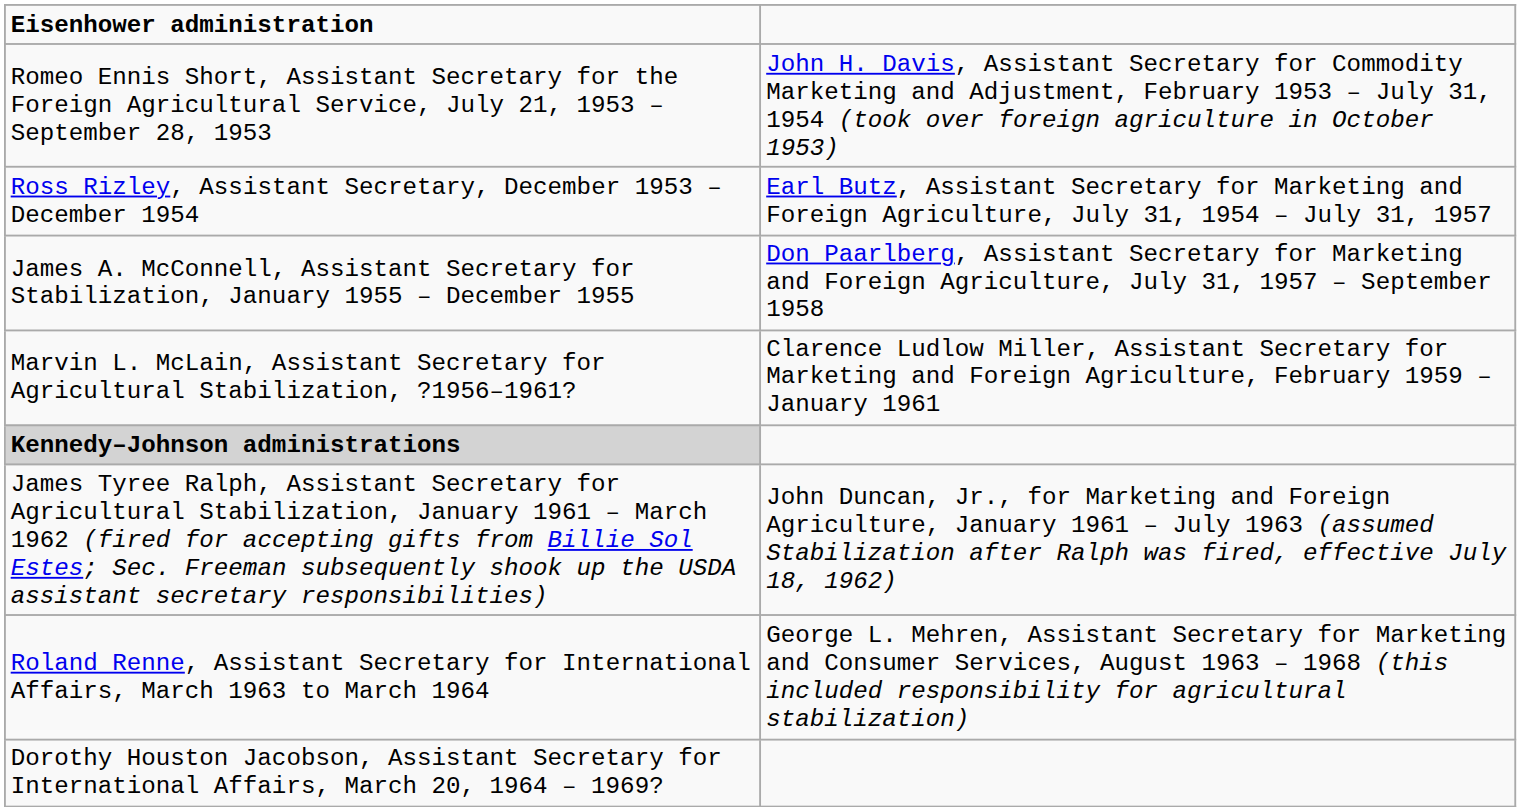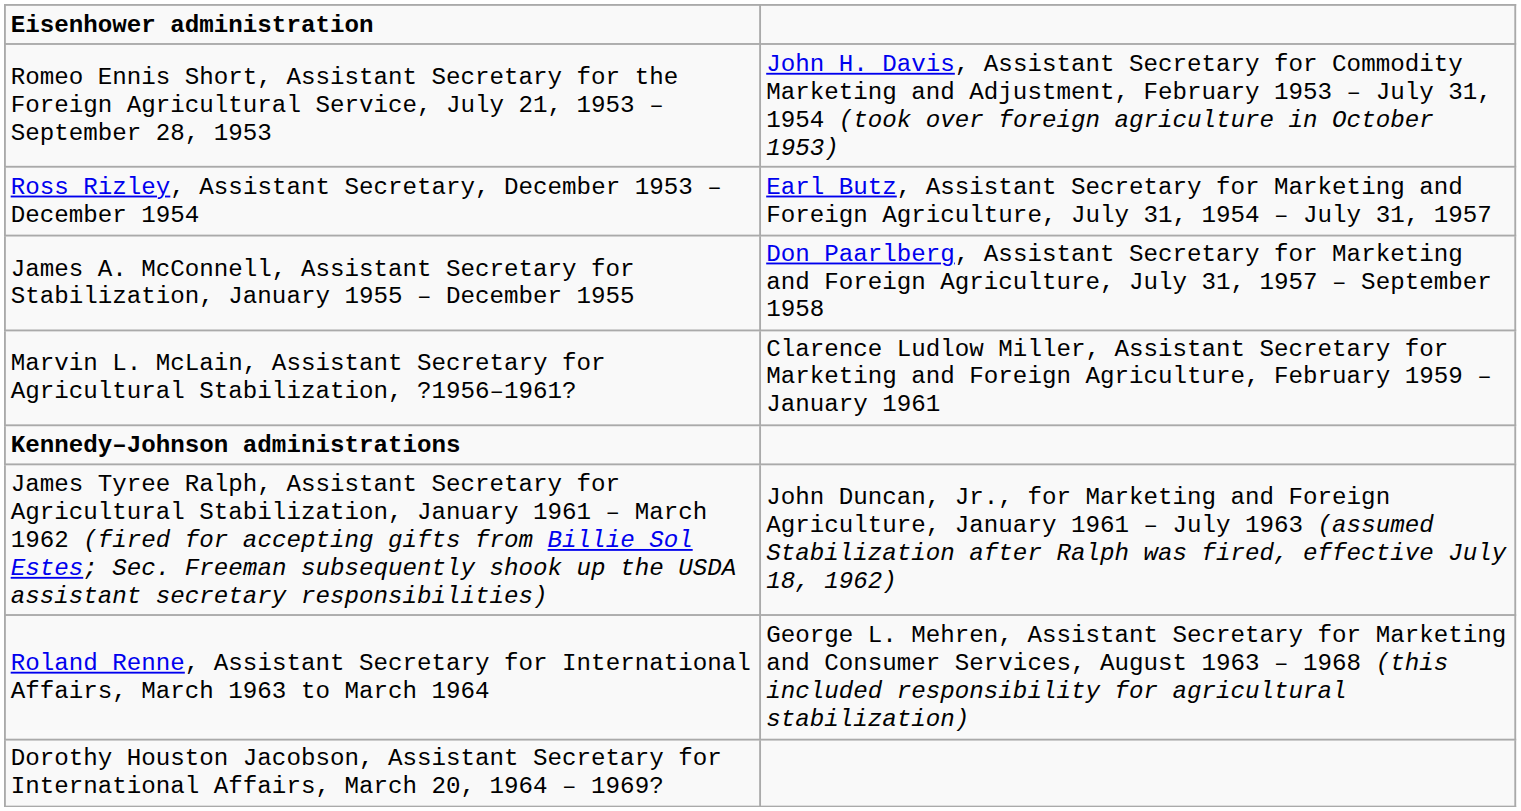 <table class="wikitable">
 <tr>
 <td><strong>Eisenhower administration</strong></td>
 <td></td>
 </tr>
 <tr>
 <td width="400pt">Romeo Ennis Short, Assistant Secretary for the Foreign Agricultural Service, July 21, 1953 – September 28, 1953</td>
 <td width="400pt"><a href='#'>John H. Davis</a>, Assistant Secretary for Commodity Marketing and Adjustment, February 1953 – July 31, 1954 <em>(took over foreign agriculture in October 1953)</em></td>
 </tr>
 <tr>
 <td><a href='#'>Ross Rizley</a>, Assistant Secretary, December 1953 – December 1954</td>
 <td><a href='#'>Earl Butz</a>, Assistant Secretary for Marketing and Foreign Agriculture, July 31, 1954 – July 31, 1957</td>
 </tr>
 <tr>
 <td>James A. McConnell, Assistant Secretary for Stabilization, January 1955 – December 1955</td>
 <td><a href='#'>Don Paarlberg</a>, Assistant Secretary for Marketing and Foreign Agriculture, July 31, 1957 – September 1958</td>
 </tr>
 <tr>
 <td>Marvin L. McLain, Assistant Secretary for Agricultural Stabilization, ?1956–1961?</td>
 <td>Clarence Ludlow Miller, Assistant Secretary for Marketing and Foreign Agriculture, February 1959 – January 1961</td>
 </tr>
 <tr>
-<td style="background: lightgrey;"><strong>Kennedy–Johnson administrations</strong></td>
+<td><strong>Kennedy–Johnson administrations</strong></td>
 </tr>
 <tr>
 <td>James Tyree Ralph, Assistant Secretary for Agricultural Stabilization, January 1961 – March 1962 <em>(fired for accepting gifts from <a href='#'>Billie Sol Estes</a>; Sec. Freeman subsequently shook up the USDA assistant secretary responsibilities)</em></td>
 <td>John Duncan, Jr., for Marketing and Foreign Agriculture, January 1961 – July 1963 <em>(assumed Stabilization after Ralph was fired, effective July 18, 1962)</em></td>
 </tr>
 <tr>
 <td><a href='#'>Roland Renne</a>, Assistant Secretary for International Affairs, March 1963 to March 1964</td>
 <td>George L. Mehren, Assistant Secretary for Marketing and Consumer Services, August 1963 – 1968 <em>(this included responsibility for agricultural stabilization)</em></td>
 </tr>
 <tr>
 <td>Dorothy Houston Jacobson, Assistant Secretary for International Affairs, March 20, 1964 – 1969?</td>
 <td></td>
 </tr>
 </table>
